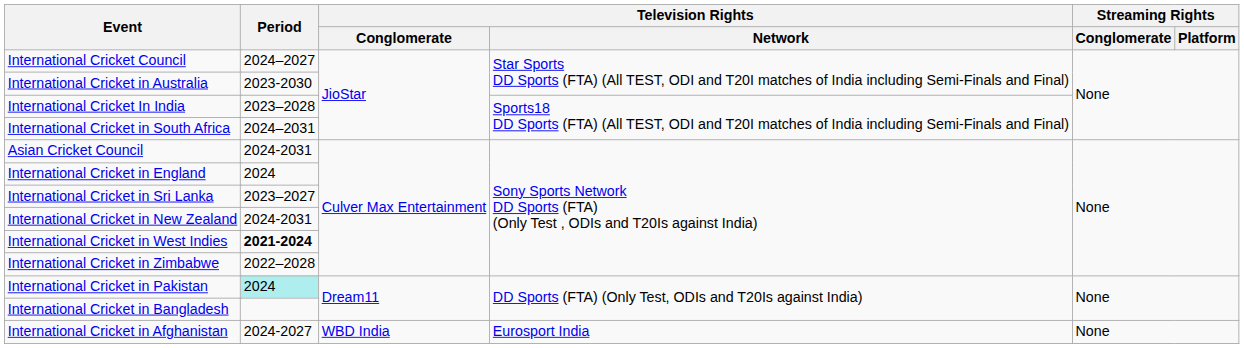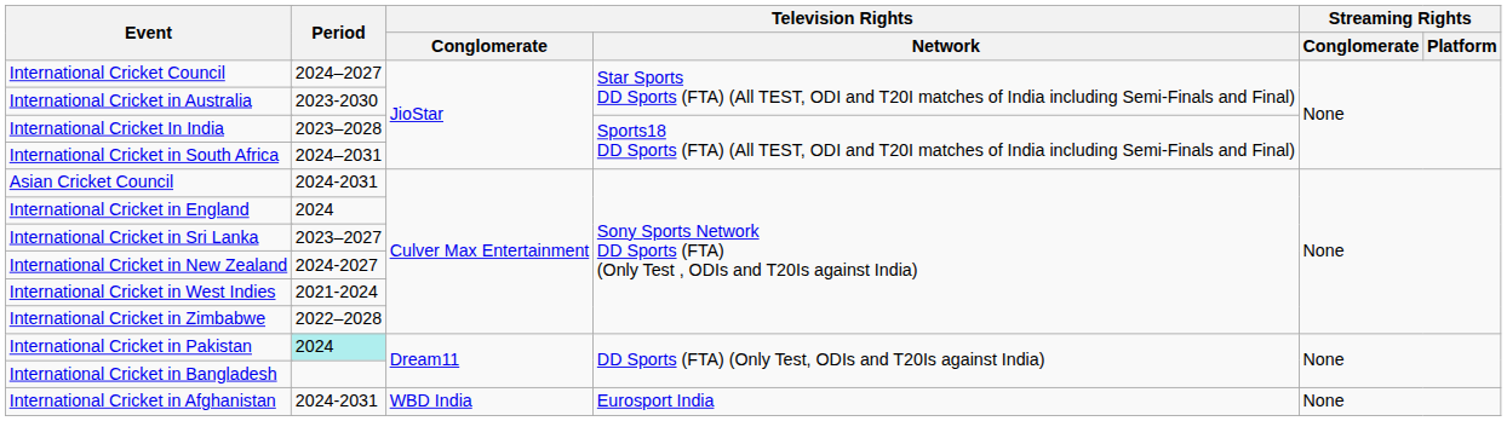 <table class="wikitable">
 <tr>
 <th colspan="2" rowspan="2">Event</th>
 <th rowspan="2">Period</th>
 <th colspan="2">Television Rights</th>
 <th colspan="2">Streaming Rights</th>
 </tr>
 <tr>
 <th>Conglomerate</th>
 <th>Network</th>
 <th>Conglomerate</th>
 <th>Platform</th>
 </tr>
 <tr>
 <td colspan="2"><a href='#'>International Cricket Council</a></td>
 <td>2024–2027</td>
 <td rowspan="4"><a href='#'>JioStar</a></td>
 <td rowspan="2"><a href='#'>Star Sports</a><br><a href='#'>DD Sports</a> (FTA) (All TEST, ODI and T20I matches of India including Semi-Finals and Final)</td>
 <td colspan="2" rowspan="4">None</td>
 </tr>
 <tr>
 <td colspan="2"><a href='#'>International Cricket in Australia</a></td>
 <td>2023-2030</td>
 </tr>
 <tr>
 <td colspan="2"><a href='#'>International Cricket In India</a></td>
 <td>2023–2028</td>
 <td rowspan="2"><a href='#'>Sports18</a><br><a href='#'>DD Sports</a> (FTA) (All TEST, ODI and T20I matches of India including Semi-Finals and Final)</td>
 </tr>
 <tr>
 <td colspan="2"><a href='#'>International Cricket in South Africa</a></td>
 <td>2024–2031</td>
 </tr>
 <tr>
 <td colspan="2"><a href='#'>Asian Cricket Council</a></td>
 <td>2024-2031</td>
 <td rowspan="6"><a href='#'>Culver Max Entertainment</a></td>
 <td rowspan="6"><a href='#'>Sony Sports Network</a><br><a href='#'>DD Sports</a> (FTA)<br>(Only Test , ODIs and T20Is against India)</td>
 <td colspan="2" rowspan="6">None</td>
 </tr>
 <tr>
 <td colspan="2"><a href='#'>International Cricket in England</a></td>
 <td>2024</td>
 </tr>
 <tr>
 <td colspan="2"><a href='#'>International Cricket in Sri Lanka</a></td>
 <td>2023–2027</td>
 </tr>
 <tr>
 <td colspan="2"><a href='#'>International Cricket in New Zealand</a></td>
-<td>2024-2031</td>
+<td>2024-2027</td>
 </tr>
 <tr>
 <td colspan="2"><a href='#'>International Cricket in West Indies</a></td>
-<td><strong>2021-2024</strong></td>
+<td>2021-2024</td>
 </tr>
 <tr>
 <td colspan="2"><a href='#'>International Cricket in Zimbabwe</a></td>
 <td>2022–2028</td>
 </tr>
 <tr>
 <td colspan="2"><a href='#'>International Cricket in Pakistan</a></td>
 <td style="background: paleturquoise;">2024</td>
 <td rowspan="2"><a href='#'>Dream11</a></td>
 <td rowspan="2"><a href='#'>DD Sports</a> (FTA) (Only Test, ODIs and T20Is against India)</td>
 <td colspan="2" rowspan="2">None</td>
 </tr>
 <tr>
 <td colspan="2"><a href='#'>International Cricket in Bangladesh</a></td>
 <td></td>
 </tr>
 <tr>
 <td colspan="2"><a href='#'>International Cricket in Afghanistan</a></td>
-<td>2024-2027</td>
+<td>2024-2031</td>
 <td><a href='#'>WBD India</a></td>
 <td><a href='#'>Eurosport India</a></td>
 <td colspan="2" rowspan="1">None</td>
 </tr>
 </table>
